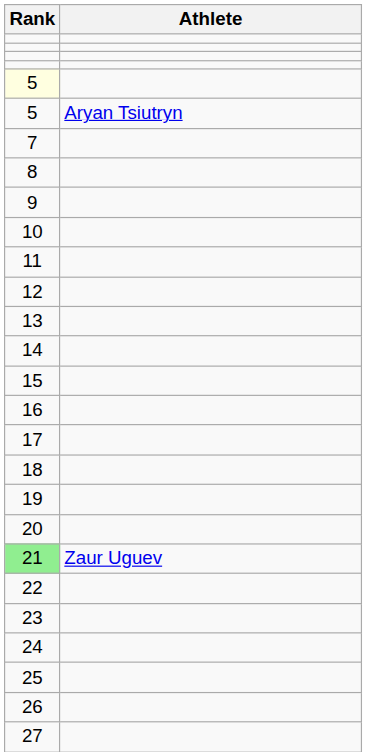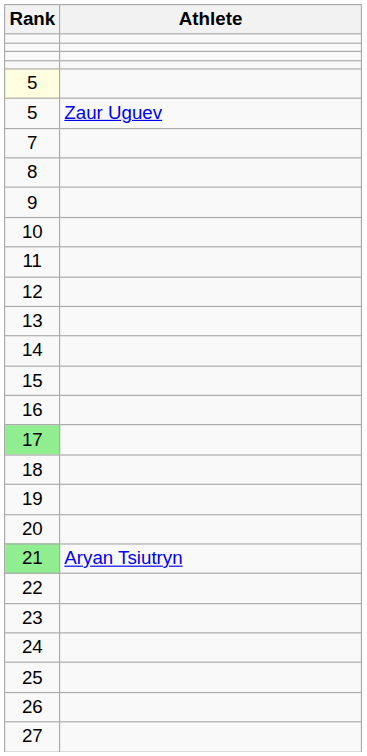 <table class="wikitable" style="text-align: center;">
 <tr>
 <th width=40>Rank</th>
 <th width=250>Athlete</th>
 </tr>
 <tr>
 <td></td>
 <td align="left"></td>
 </tr>
 <tr>
 <td></td>
 <td align="left"></td>
 </tr>
 <tr>
 <td></td>
 <td align="left"></td>
 </tr>
 <tr>
 <td></td>
 <td align="left"></td>
 </tr>
 <tr>
 <td style="background: lightyellow;">5</td>
 <td align="left"></td>
 </tr>
 <tr>
 <td>5</td>
-<td align="left"> <a href='#'>Aryan Tsiutryn</a> </td>
+<td align="left"> <a href='#'>Zaur Uguev</a> </td>
 </tr>
 <tr>
 <td>7</td>
 <td align="left"></td>
 </tr>
 <tr>
 <td>8</td>
 <td align="left"></td>
 </tr>
 <tr>
 <td>9</td>
 <td align="left"></td>
 </tr>
 <tr>
 <td>10</td>
 <td align="left"></td>
 </tr>
 <tr>
 <td>11</td>
 <td align="left"></td>
 </tr>
 <tr>
 <td>12</td>
 <td align="left"></td>
 </tr>
 <tr>
 <td>13</td>
 <td align="left"></td>
 </tr>
 <tr>
 <td>14</td>
 <td align="left"></td>
 </tr>
 <tr>
 <td>15</td>
 <td align="left"></td>
 </tr>
 <tr>
 <td>16</td>
 <td align="left"></td>
 </tr>
 <tr>
-<td>17</td>
+<td style="background: lightgreen;">17</td>
 <td align="left"></td>
 </tr>
 <tr>
 <td>18</td>
 <td align="left"></td>
 </tr>
 <tr>
 <td>19</td>
 <td align="left"></td>
 </tr>
 <tr>
 <td>20</td>
 <td align="left"></td>
 </tr>
 <tr>
 <td style="background: lightgreen;">21</td>
-<td align="left"> <a href='#'>Zaur Uguev</a> </td>
+<td align="left"> <a href='#'>Aryan Tsiutryn</a> </td>
 </tr>
 <tr>
 <td>22</td>
 <td align="left"></td>
 </tr>
 <tr>
 <td>23</td>
 <td align="left"></td>
 </tr>
 <tr>
 <td>24</td>
 <td align="left"></td>
 </tr>
 <tr>
 <td>25</td>
 <td align="left"></td>
 </tr>
 <tr>
 <td>26</td>
 <td align="left"></td>
 </tr>
 <tr>
 <td>27</td>
 <td align="left"></td>
 </tr>
 </table>
